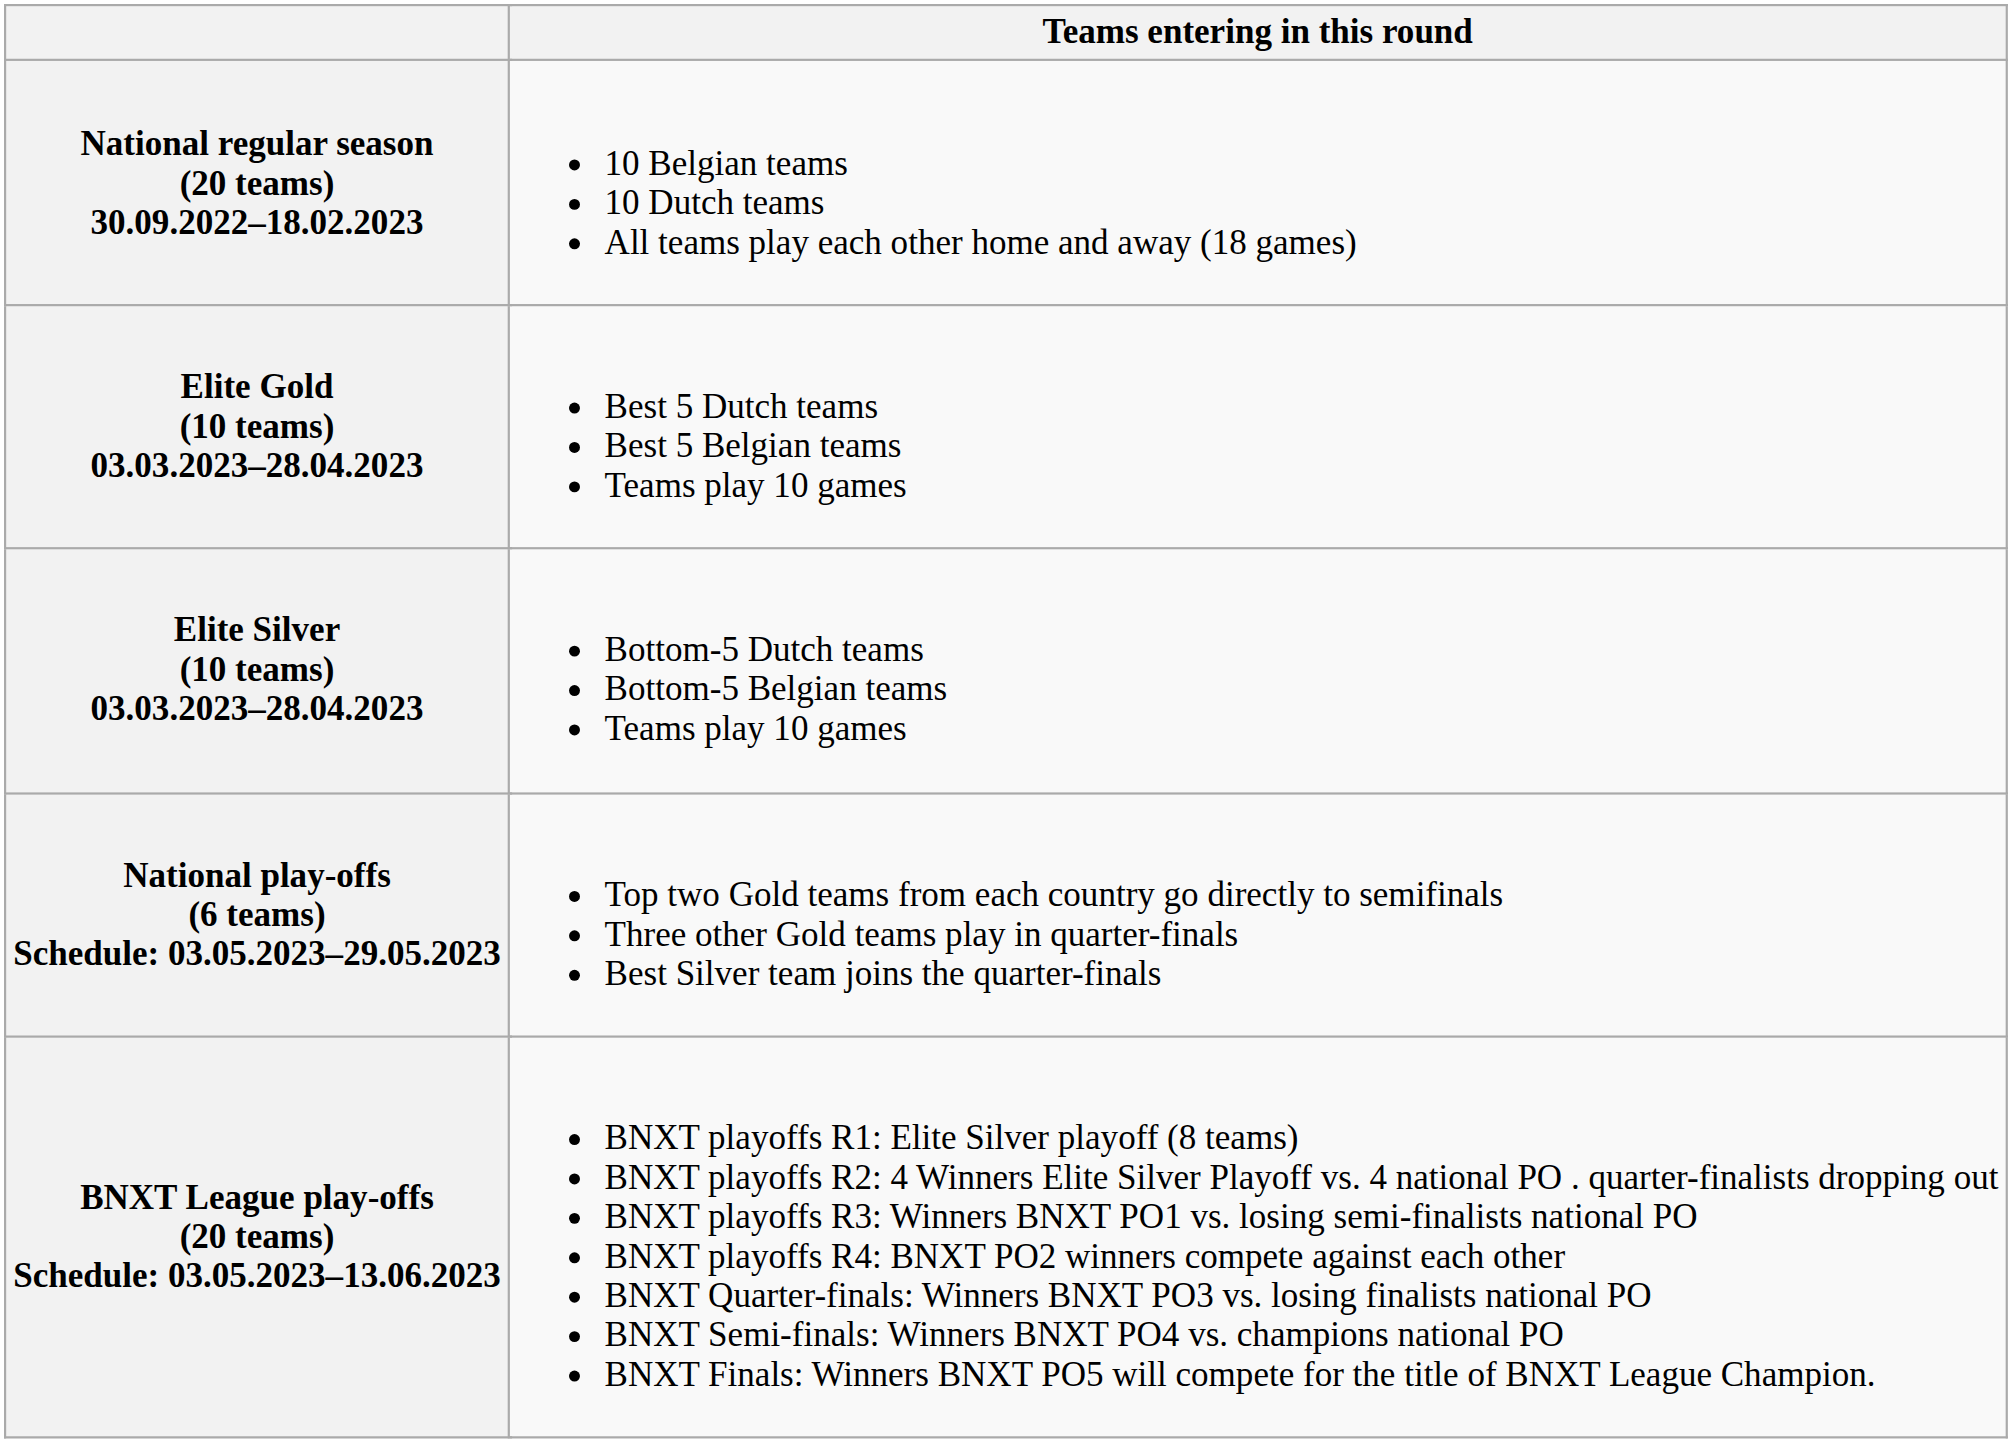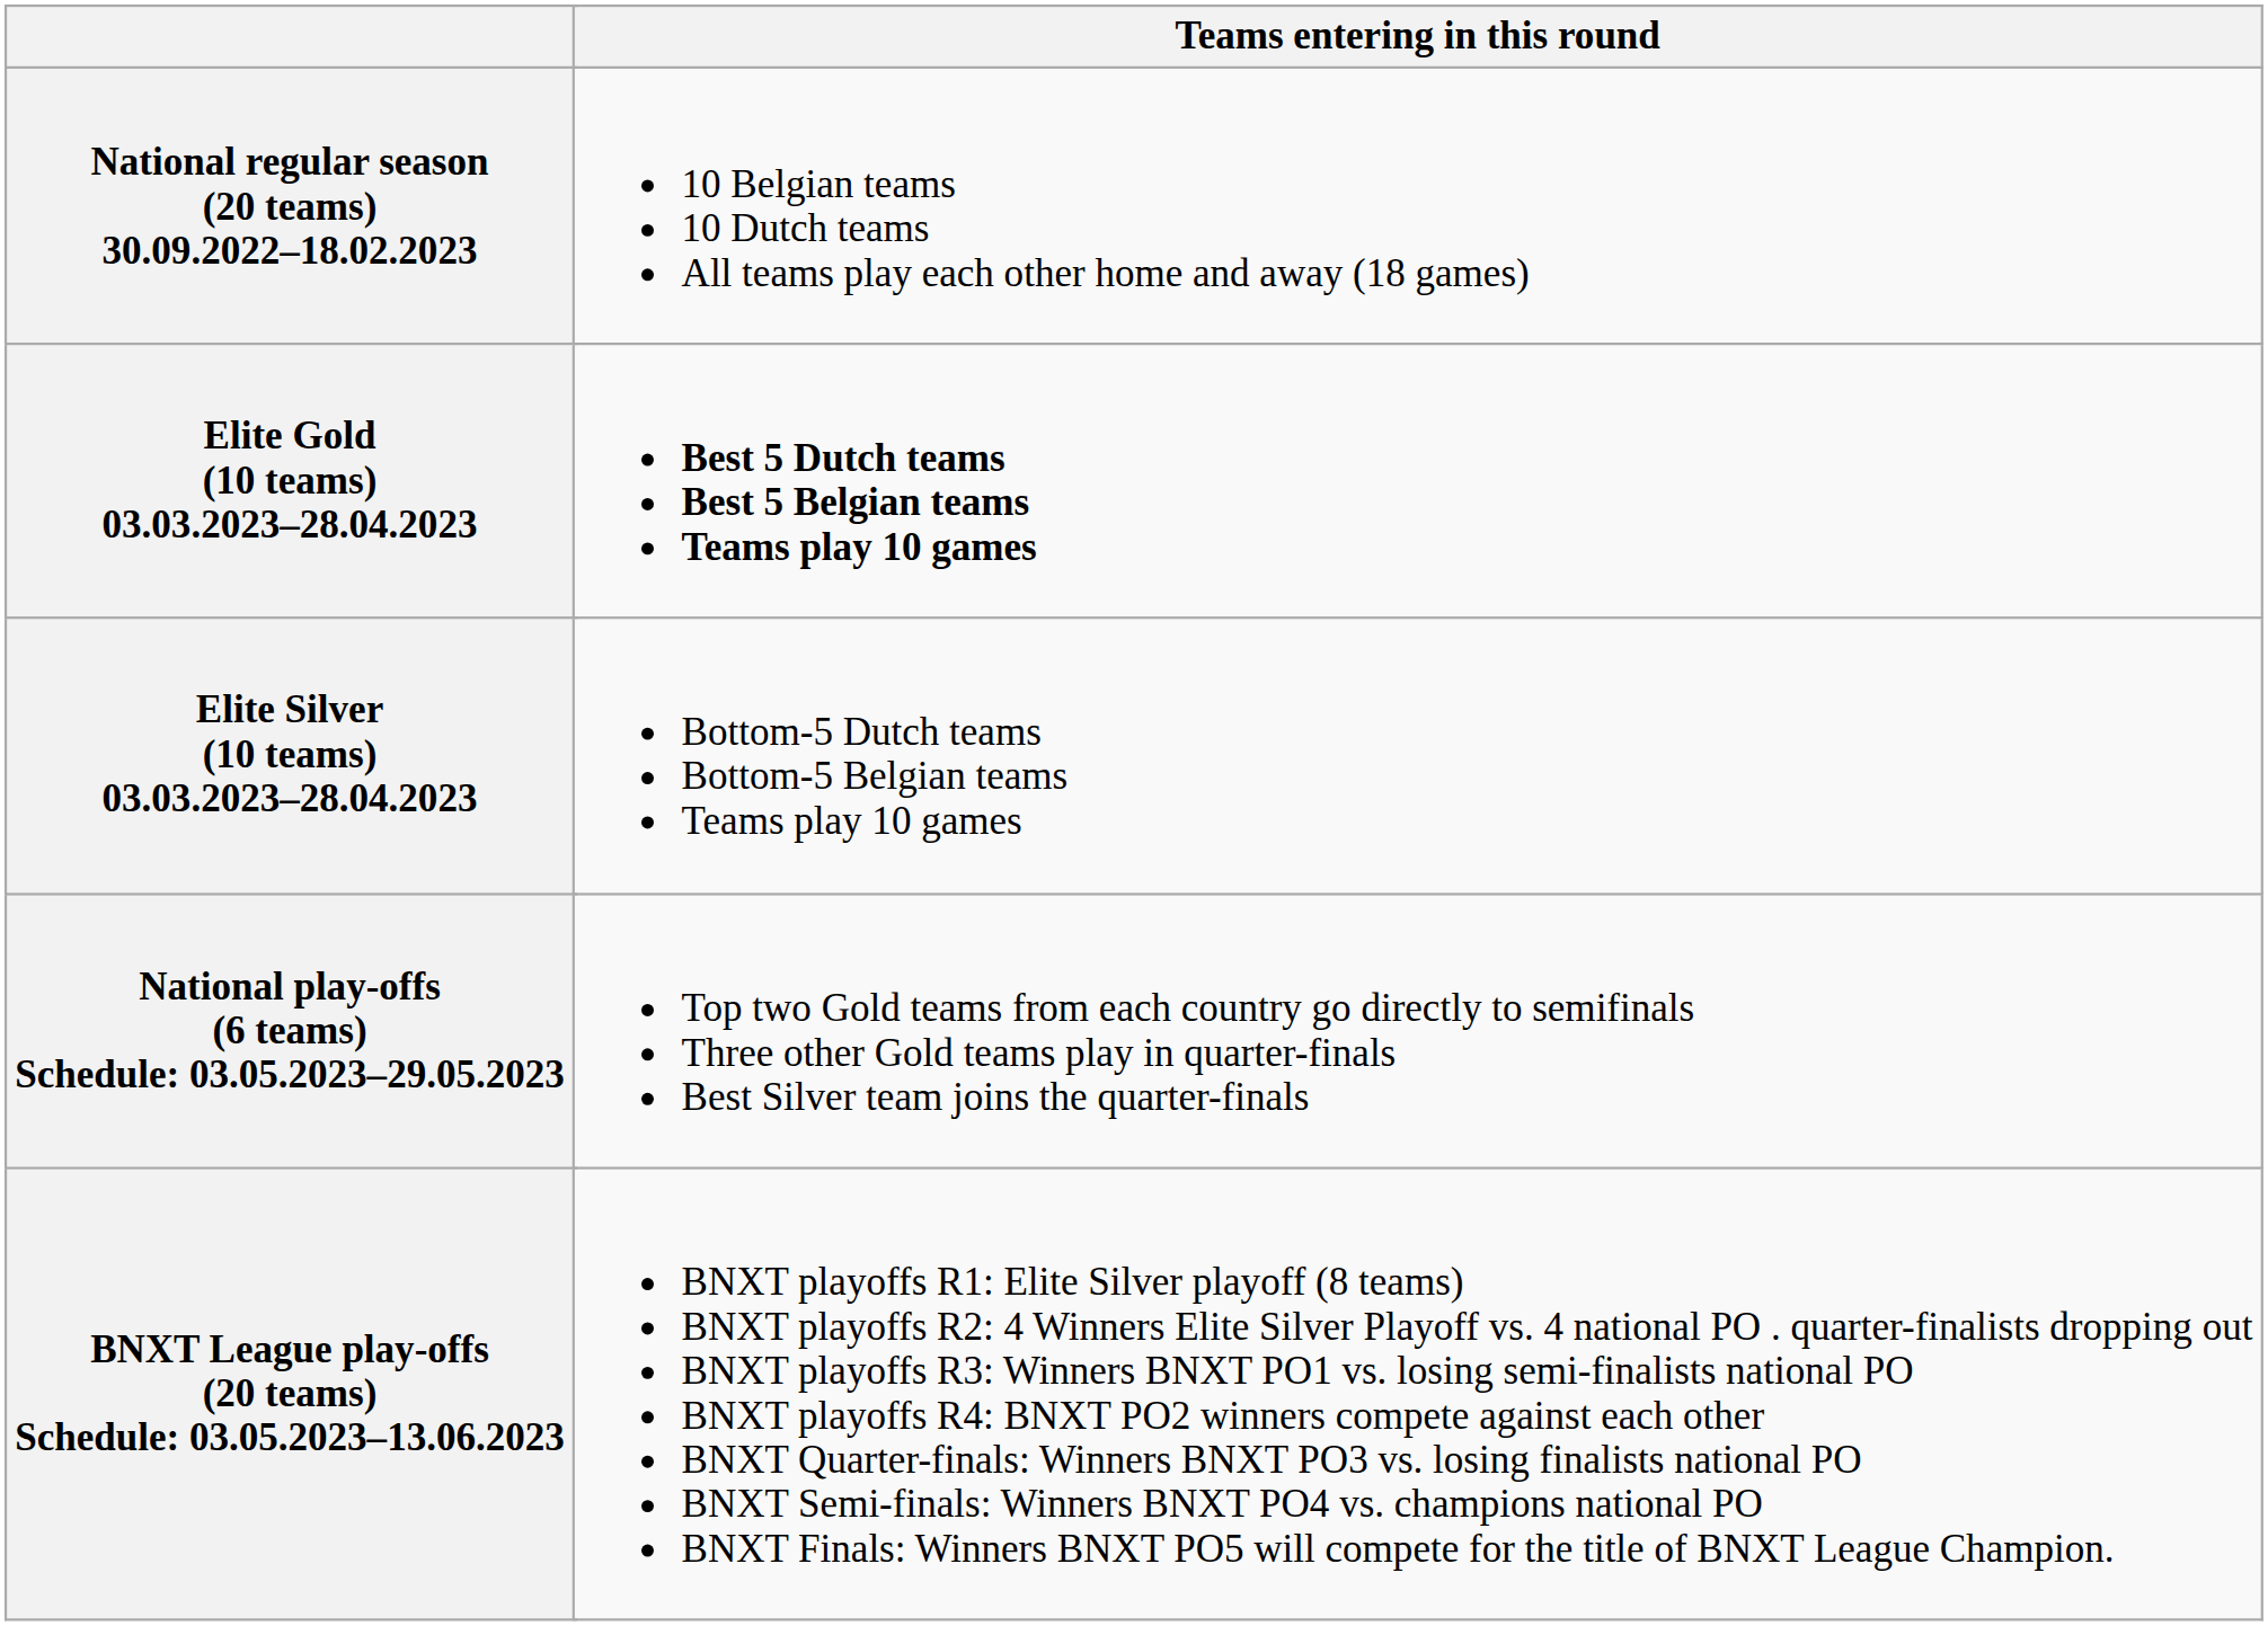 <table class="wikitable">
 <tr>
 <th colspan=2></th>
 <th>Teams entering in this round</th>
 </tr>
 <tr>
 <th colspan=2>National regular season<br>(20 teams)<br>30.09.2022–18.02.2023</th>
 <td><br><ul><li>10 Belgian teams</li><li>10 Dutch teams</li><li>All teams play each other home and away (18 games)</li></ul></td>
 </tr>
 <tr>
 <th colspan=2>Elite Gold<br>(10 teams)<br>03.03.2023–28.04.2023</th>
-<td><br><ul><li>Best 5 Dutch teams</li><li>Best 5 Belgian teams</li><li>Teams play 10 games</li></ul></td>
+<td><strong><br><ul><li>Best 5 Dutch teams</li><li>Best 5 Belgian teams</li><li>Teams play 10 games</li></ul></strong></td>
 </tr>
 <tr>
 <th colspan=2>Elite Silver<br>(10 teams)<br>03.03.2023–28.04.2023</th>
 <td><br><ul><li>Bottom-5 Dutch teams</li><li>Bottom-5 Belgian teams</li><li>Teams play 10 games</li></ul></td>
 </tr>
 <tr>
 <th colspan=2>National play-offs<br>(6 teams)<br>Schedule: 03.05.2023–29.05.2023</th>
 <td><br><ul><li>Top two Gold teams from each country go directly to semifinals</li><li>Three other Gold teams play in quarter-finals</li><li>Best Silver team joins the quarter-finals</li></ul></td>
 </tr>
 <tr>
 <th colspan=2>BNXT League play-offs<br>(20 teams)<br>Schedule: 03.05.2023–13.06.2023</th>
 <td><br><ul><li>BNXT playoffs R1: Elite Silver playoff (8 teams)</li><li>BNXT playoffs R2: 4 Winners Elite Silver Playoff vs. 4 national PO . quarter-finalists dropping out</li><li>BNXT playoffs R3: Winners BNXT PO1 vs. losing semi-finalists national PO</li><li>BNXT playoffs R4: BNXT PO2 winners compete against each other</li><li>BNXT Quarter-finals: Winners BNXT PO3 vs. losing finalists national PO</li><li>BNXT Semi-finals: Winners BNXT PO4 vs. champions national PO</li><li>BNXT Finals: Winners BNXT PO5 will compete for the title of BNXT League Champion.</li></ul></td>
 </tr>
 </table>
